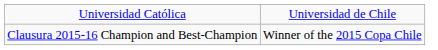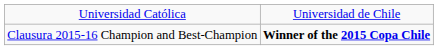 <table class="wikitable" style="text-align:center">
 <tr>
 <td> <a href='#'>Universidad Católica</a></td>
 <td> <a href='#'>Universidad de Chile</a></td>
 </tr>
 <tr>
 <td><a href='#'>Clausura 2015-16</a> Champion and Best-Champion</td>
-<td>Winner of the <a href='#'>2015 Copa Chile</a></td>
+<td><strong>Winner of the <a href='#'>2015 Copa Chile</a></strong></td>
 </tr>
 </table>
